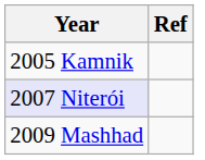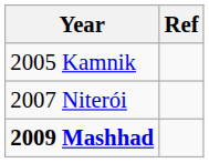 <table class="wikitable sortable" style="font-size:110%">
 <tr>
 <th>Year</th>
 <th>Ref</th>
 </tr>
 <tr>
 <td> 2005 <a href='#'>Kamnik</a></td>
 <td></td>
 </tr>
 <tr>
-<td style="background: lavender;"> 2007 <a href='#'>Niterói</a></td>
+<td> 2007 <a href='#'>Niterói</a></td>
 <td></td>
 </tr>
 <tr>
-<td> 2009 <a href='#'>Mashhad</a></td>
+<td><strong> 2009 <a href='#'>Mashhad</a></strong></td>
 <td></td>
 </tr>
 </table>
